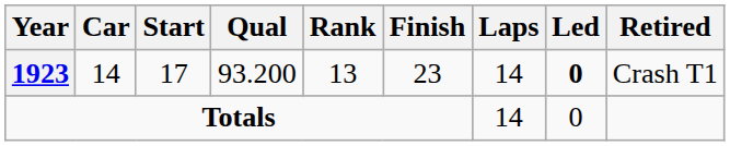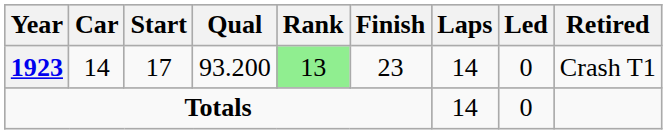 <table class="wikitable" style="text-align:center">
 <tr>
 <th>Year</th>
 <th>Car</th>
 <th>Start</th>
 <th>Qual</th>
 <th>Rank</th>
 <th>Finish</th>
 <th>Laps</th>
 <th>Led</th>
 <th>Retired</th>
 </tr>
 <tr>
 <th><a href='#'>1923</a></th>
 <td>14</td>
 <td>17</td>
 <td>93.200</td>
-<td>13</td>
+<td style="background: lightgreen;">13</td>
 <td>23</td>
 <td>14</td>
-<td><strong>0</strong></td>
+<td>0</td>
 <td>Crash T1</td>
 </tr>
 <tr>
 <td colspan=6><strong>Totals</strong></td>
 <td>14</td>
 <td>0</td>
 <td></td>
 </tr>
 </table>
